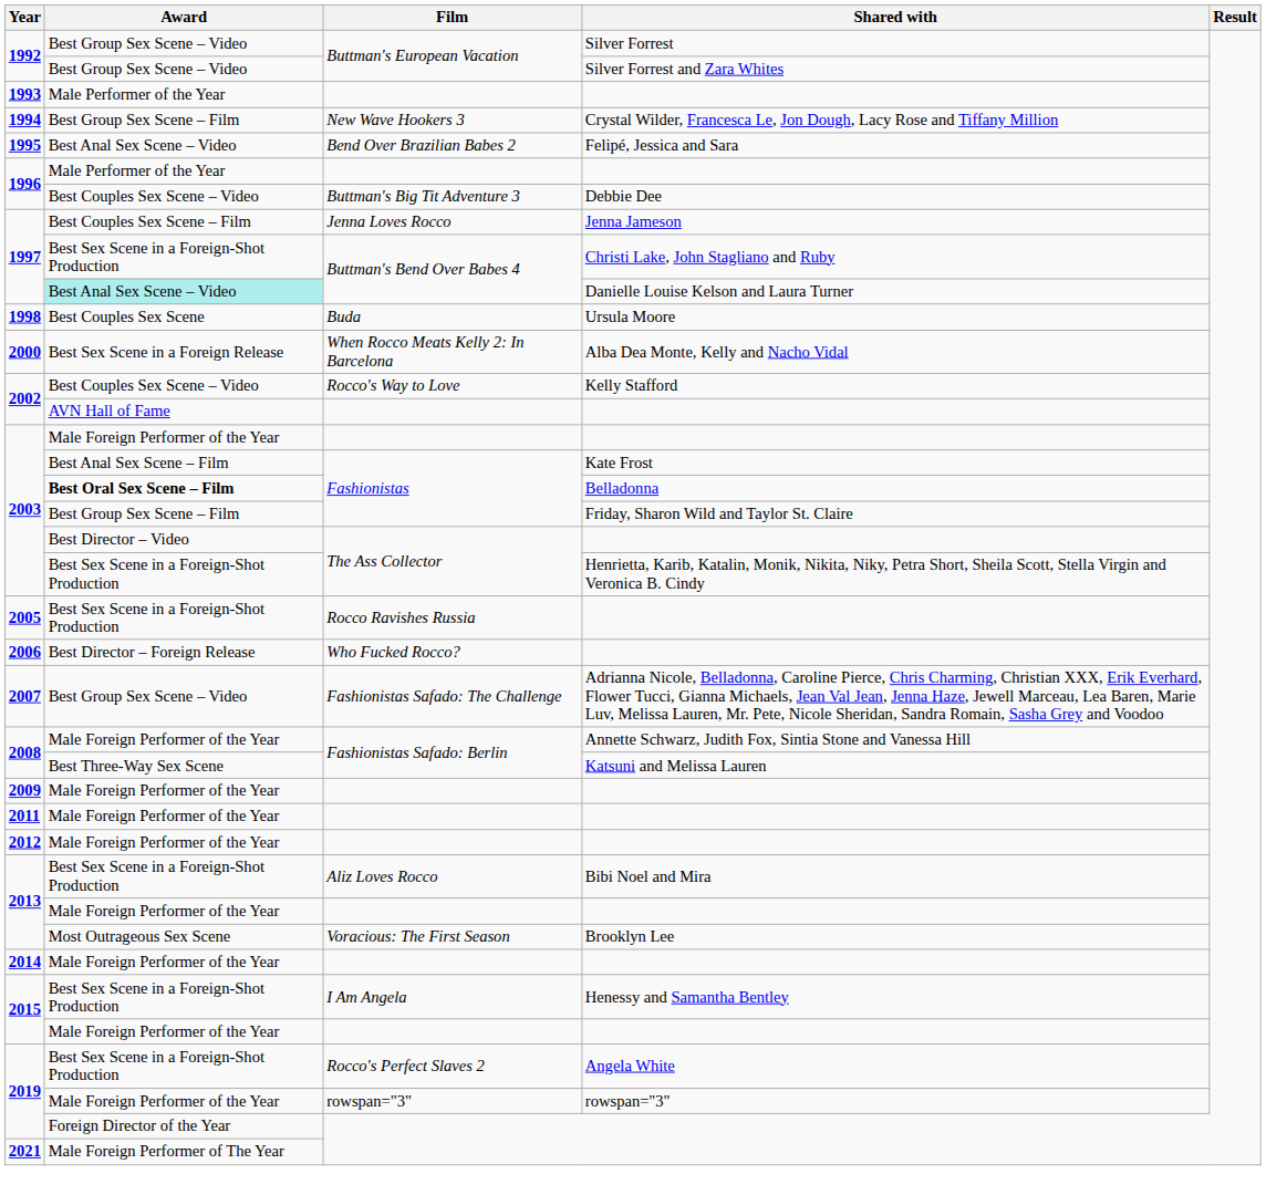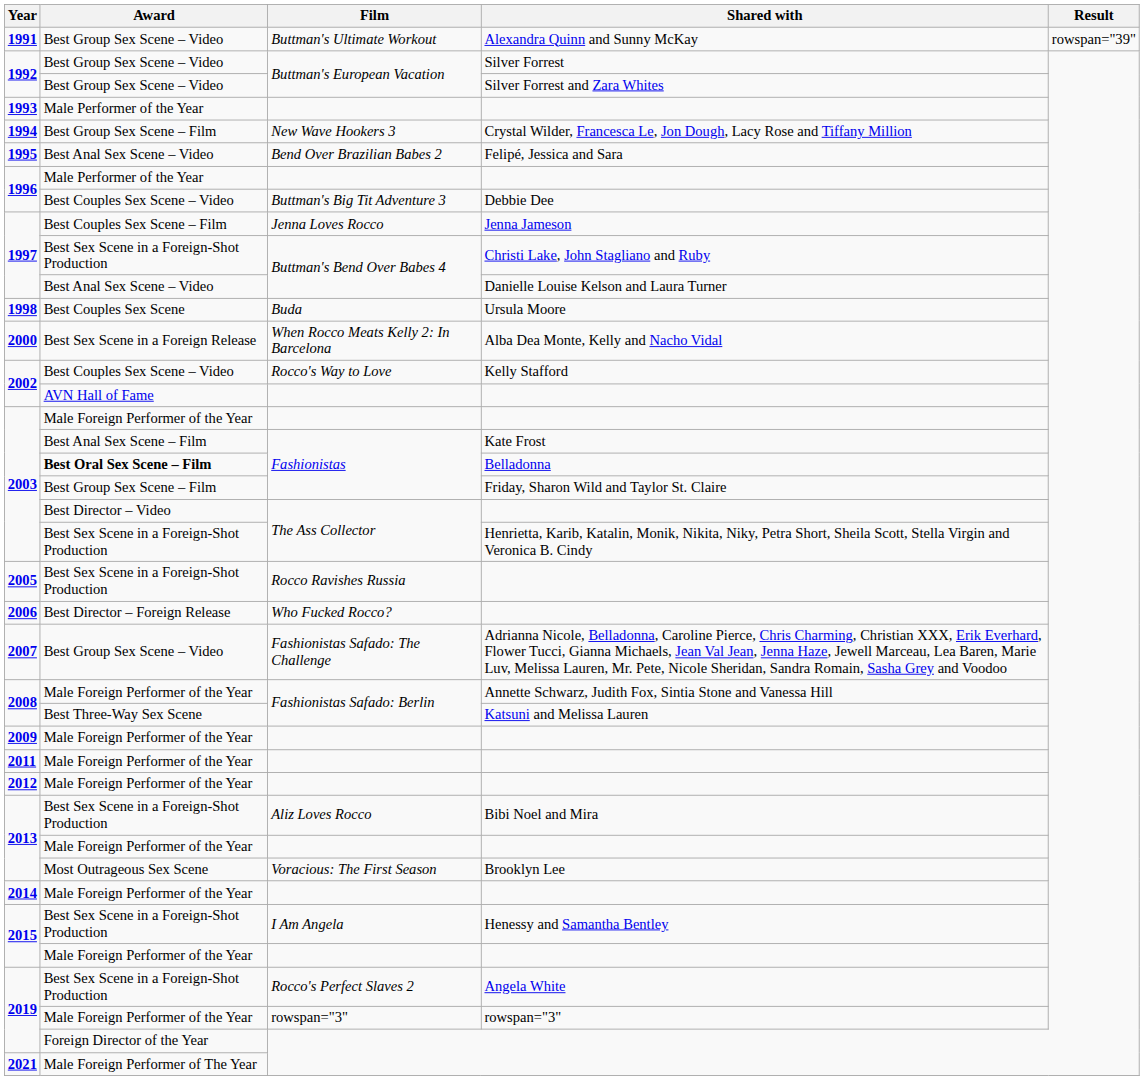 <table class="wikitable">
 <tr>
 <th>Year</th>
 <th>Award</th>
 <th>Film</th>
 <th width="50%">Shared with</th>
 <th>Result</th>
+</tr>
+<tr>
+<td><strong><a href='#'>1991</a></strong></td>
+<td>Best Group Sex Scene – Video</td>
+<td><em>Buttman's Ultimate Workout</em></td>
+<td><a href='#'>Alexandra Quinn</a> and Sunny McKay</td>
+<td>rowspan="39" </td>
 </tr>
 <tr>
 <td rowspan="2"><strong><a href='#'>1992</a></strong></td>
 <td>Best Group Sex Scene – Video</td>
 <td rowspan="2"><em>Buttman's European Vacation</em></td>
 <td>Silver Forrest</td>
 </tr>
 <tr>
 <td>Best Group Sex Scene – Video</td>
 <td>Silver Forrest and <a href='#'>Zara Whites</a></td>
 </tr>
 <tr>
 <td><strong><a href='#'>1993</a></strong></td>
 <td>Male Performer of the Year</td>
 <td></td>
 <td></td>
 </tr>
 <tr>
 <td><strong><a href='#'>1994</a></strong></td>
 <td>Best Group Sex Scene – Film</td>
 <td><em>New Wave Hookers 3</em></td>
 <td>Crystal Wilder,  <a href='#'>Francesca Le</a>, <a href='#'>Jon Dough</a>, Lacy Rose and <a href='#'>Tiffany Million</a></td>
 </tr>
 <tr>
 <td><strong><a href='#'>1995</a></strong></td>
 <td>Best Anal Sex Scene – Video</td>
 <td><em>Bend Over Brazilian Babes 2</em></td>
 <td>Felipé, Jessica and Sara</td>
 </tr>
 <tr>
 <td rowspan="2"><strong><a href='#'>1996</a></strong></td>
 <td>Male Performer of the Year</td>
 <td></td>
 <td></td>
 </tr>
 <tr>
 <td>Best Couples Sex Scene – Video</td>
 <td><em>Buttman's Big Tit Adventure 3</em></td>
 <td>Debbie Dee</td>
 </tr>
 <tr>
 <td rowspan="3"><strong><a href='#'>1997</a></strong></td>
 <td>Best Couples Sex Scene – Film</td>
 <td><em>Jenna Loves Rocco</em></td>
 <td><a href='#'>Jenna Jameson</a></td>
 </tr>
 <tr>
 <td>Best Sex Scene in a Foreign-Shot Production</td>
 <td rowspan="2"><em>Buttman's Bend Over Babes 4</em></td>
 <td><a href='#'>Christi Lake</a>, <a href='#'>John Stagliano</a> and <a href='#'>Ruby</a></td>
 </tr>
 <tr>
-<td style="background: paleturquoise;">Best Anal Sex Scene – Video</td>
+<td>Best Anal Sex Scene – Video</td>
 <td>Danielle Louise Kelson and Laura Turner</td>
 </tr>
 <tr>
 <td><strong><a href='#'>1998</a></strong></td>
 <td>Best Couples Sex Scene</td>
 <td><em>Buda</em></td>
 <td>Ursula Moore</td>
 </tr>
 <tr>
 <td><strong><a href='#'>2000</a></strong></td>
 <td>Best Sex Scene in a Foreign Release</td>
 <td><em>When Rocco Meats Kelly 2: In Barcelona</em></td>
 <td>Alba Dea Monte, Kelly and <a href='#'>Nacho Vidal</a></td>
 </tr>
 <tr>
 <td rowspan="2"><strong><a href='#'>2002</a></strong></td>
 <td>Best Couples Sex Scene – Video</td>
 <td><em>Rocco's Way to Love</em></td>
 <td>Kelly Stafford</td>
 </tr>
 <tr>
 <td><a href='#'>AVN Hall of Fame</a></td>
 <td></td>
 <td></td>
 </tr>
 <tr>
 <td rowspan="6"><strong><a href='#'>2003</a></strong></td>
 <td>Male Foreign Performer of the Year</td>
 <td></td>
 <td></td>
 </tr>
 <tr>
 <td>Best Anal Sex Scene – Film</td>
 <td rowspan="3"><em><a href='#'>Fashionistas</a></em></td>
 <td>Kate Frost</td>
 </tr>
 <tr>
 <td><strong>Best Oral Sex Scene – Film</strong></td>
 <td><a href='#'>Belladonna</a></td>
 </tr>
 <tr>
 <td>Best Group Sex Scene – Film</td>
 <td>Friday, Sharon Wild and Taylor St. Claire</td>
 </tr>
 <tr>
 <td>Best Director – Video</td>
 <td rowspan="2"><em>The Ass Collector</em></td>
 <td></td>
 </tr>
 <tr>
 <td>Best Sex Scene in a Foreign-Shot Production</td>
 <td>Henrietta, Karib, Katalin, Monik, Nikita, Niky, Petra Short, Sheila Scott, Stella Virgin and Veronica B. Cindy</td>
 </tr>
 <tr>
 <td><strong><a href='#'>2005</a></strong></td>
 <td>Best Sex Scene in a Foreign-Shot Production</td>
 <td><em>Rocco Ravishes Russia</em></td>
 <td></td>
 </tr>
 <tr>
 <td><strong><a href='#'>2006</a></strong></td>
 <td>Best Director – Foreign Release</td>
 <td><em>Who Fucked Rocco?</em></td>
 <td></td>
 </tr>
 <tr>
 <td><strong><a href='#'>2007</a></strong></td>
 <td>Best Group Sex Scene – Video</td>
 <td><em>Fashionistas Safado: The Challenge</em></td>
 <td>Adrianna Nicole, <a href='#'>Belladonna</a>, Caroline Pierce, <a href='#'>Chris Charming</a>, Christian XXX, <a href='#'>Erik Everhard</a>, Flower Tucci, Gianna Michaels, <a href='#'>Jean Val Jean</a>, <a href='#'>Jenna Haze</a>, Jewell Marceau, Lea Baren, Marie Luv, Melissa Lauren, Mr. Pete, Nicole Sheridan, Sandra Romain, <a href='#'>Sasha Grey</a> and Voodoo</td>
 </tr>
 <tr>
 <td rowspan="2"><strong><a href='#'>2008</a></strong></td>
 <td>Male Foreign Performer of the Year</td>
 <td rowspan="2"><em>Fashionistas Safado: Berlin</em></td>
 <td>Annette Schwarz, Judith Fox, Sintia Stone and Vanessa Hill</td>
 </tr>
 <tr>
 <td>Best Three-Way Sex Scene</td>
 <td><a href='#'>Katsuni</a> and Melissa Lauren</td>
 </tr>
 <tr>
 <td><strong><a href='#'>2009</a></strong></td>
 <td>Male Foreign Performer of the Year</td>
 <td></td>
 <td></td>
 </tr>
 <tr>
 <td><strong><a href='#'>2011</a></strong></td>
 <td>Male Foreign Performer of the Year</td>
 <td></td>
 <td></td>
 </tr>
 <tr>
 <td><strong><a href='#'>2012</a></strong></td>
 <td>Male Foreign Performer of the Year</td>
 <td></td>
 <td></td>
 </tr>
 <tr>
 <td rowspan="3"><strong><a href='#'>2013</a></strong></td>
 <td>Best Sex Scene in a Foreign-Shot Production</td>
 <td><em>Aliz Loves Rocco</em></td>
 <td>Bibi Noel and Mira</td>
 </tr>
 <tr>
 <td>Male Foreign Performer of the Year</td>
 <td></td>
 <td></td>
 </tr>
 <tr>
 <td>Most Outrageous Sex Scene</td>
 <td><em>Voracious: The First Season</em></td>
 <td>Brooklyn Lee</td>
 </tr>
 <tr>
 <td><strong><a href='#'>2014</a></strong></td>
 <td>Male Foreign Performer of the Year</td>
 <td></td>
 <td></td>
 </tr>
 <tr>
 <td rowspan="2"><strong><a href='#'>2015</a></strong></td>
 <td>Best Sex Scene in a Foreign-Shot Production</td>
 <td><em>I Am Angela</em></td>
 <td>Henessy and <a href='#'>Samantha Bentley</a></td>
 </tr>
 <tr>
 <td>Male Foreign Performer of the Year</td>
 <td></td>
 <td></td>
 </tr>
 <tr>
 <td rowspan="3"><strong><a href='#'>2019</a></strong></td>
 <td>Best Sex Scene in a Foreign-Shot Production</td>
 <td><em>Rocco's Perfect Slaves 2</em></td>
 <td><a href='#'>Angela White</a></td>
 </tr>
 <tr>
 <td>Male Foreign Performer of the Year</td>
 <td>rowspan="3" </td>
 <td>rowspan="3" </td>
 </tr>
 <tr>
 <td>Foreign Director of the Year</td>
 </tr>
 <tr>
 <td><strong><a href='#'>2021</a></strong></td>
 <td>Male Foreign Performer of The Year</td>
 </tr>
 </table>
